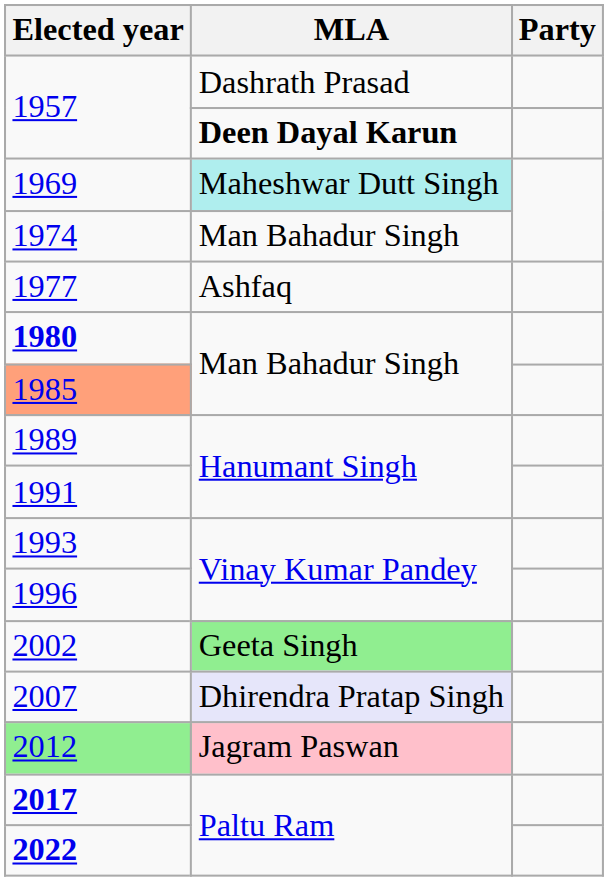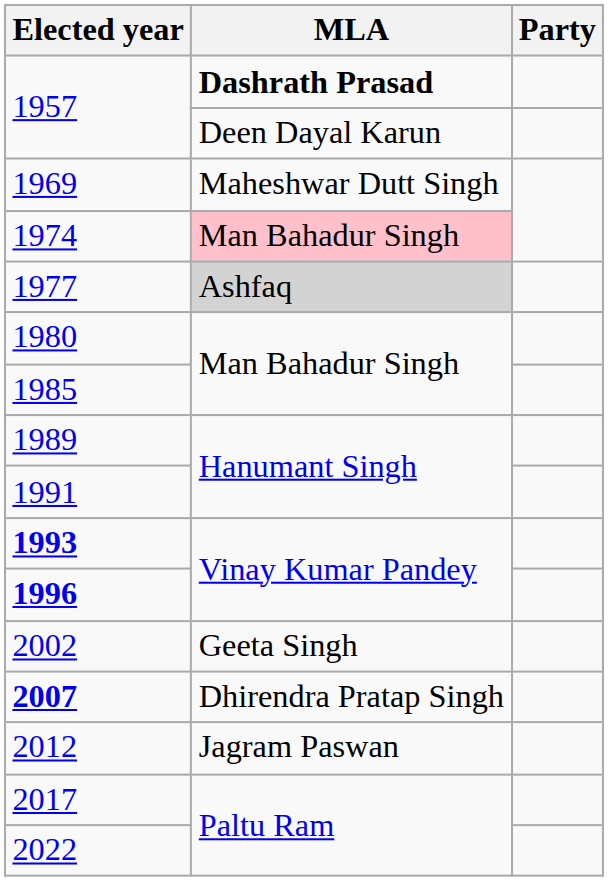 <table class="wikitable">
 <tr>
 <th>Elected year</th>
 <th>MLA</th>
 <th colspan="2">Party</th>
 </tr>
 <tr>
 <td rowspan="2"><a href='#'>1957</a></td>
-<td>Dashrath Prasad</td>
+<td><strong>Dashrath Prasad</strong></td>
 <td></td>
 </tr>
 <tr>
-<td><strong>Deen Dayal Karun</strong></td>
+<td>Deen Dayal Karun</td>
 <td></td>
 </tr>
 <tr>
 <td><a href='#'>1969</a></td>
-<td style="background: paleturquoise;">Maheshwar Dutt Singh</td>
+<td>Maheshwar Dutt Singh</td>
 </tr>
 <tr>
 <td><a href='#'>1974</a></td>
-<td>Man Bahadur Singh</td>
+<td style="background: pink;">Man Bahadur Singh</td>
 </tr>
 <tr>
 <td><a href='#'>1977</a></td>
-<td>Ashfaq</td>
+<td style="background: lightgrey;">Ashfaq</td>
 <td></td>
 </tr>
 <tr>
-<td><strong><a href='#'>1980</a></strong></td>
+<td><a href='#'>1980</a></td>
 <td rowspan="2">Man Bahadur Singh</td>
 <td></td>
 </tr>
 <tr>
-<td style="background: lightsalmon;"><a href='#'>1985</a></td>
+<td><a href='#'>1985</a></td>
 </tr>
 <tr>
 <td><a href='#'>1989</a></td>
 <td rowspan="2"><a href='#'>Hanumant Singh</a></td>
 <td></td>
 </tr>
 <tr>
 <td><a href='#'>1991</a></td>
 </tr>
 <tr>
-<td><a href='#'>1993</a></td>
+<td><strong><a href='#'>1993</a></strong></td>
 <td rowspan="2"><a href='#'>Vinay Kumar Pandey</a></td>
 <td></td>
 </tr>
 <tr>
-<td><a href='#'>1996</a></td>
+<td><strong><a href='#'>1996</a></strong></td>
 <td></td>
 </tr>
 <tr>
 <td><a href='#'>2002</a></td>
-<td style="background: lightgreen;">Geeta Singh</td>
+<td>Geeta Singh</td>
 <td></td>
 </tr>
 <tr>
-<td><a href='#'>2007</a></td>
-<td style="background: lavender;">Dhirendra Pratap Singh</td>
+<td><strong><a href='#'>2007</a></strong></td>
+<td>Dhirendra Pratap Singh</td>
 <td></td>
 </tr>
 <tr>
-<td style="background: lightgreen;"><a href='#'>2012</a></td>
-<td style="background: pink;">Jagram Paswan</td>
+<td><a href='#'>2012</a></td>
+<td>Jagram Paswan</td>
 <td></td>
 </tr>
 <tr>
-<td><strong><a href='#'>2017</a></strong></td>
+<td><a href='#'>2017</a></td>
 <td rowspan="2"><a href='#'>Paltu Ram</a></td>
 <td></td>
 </tr>
 <tr>
-<td><strong><a href='#'>2022</a></strong></td>
+<td><a href='#'>2022</a></td>
 </tr>
 </table>
